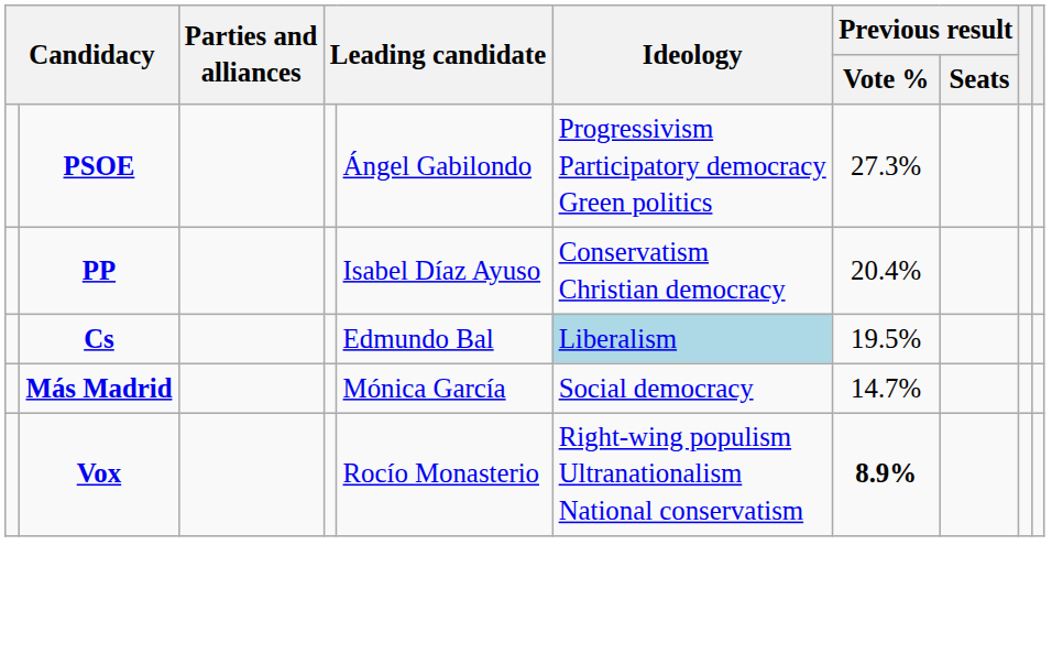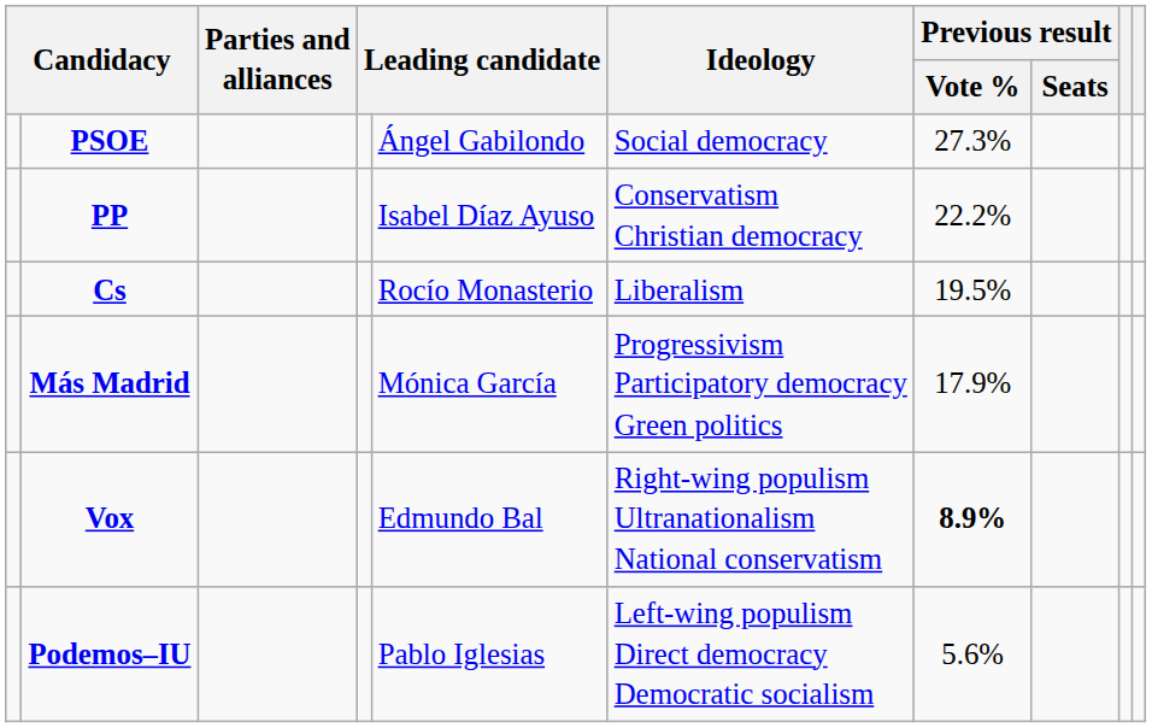 <table class="wikitable" style="line-height:1.35em; text-align:left;">
 <tr>
 <th colspan="2" rowspan="2">Candidacy</th>
 <th rowspan="2">Parties and<br>alliances</th>
 <th colspan="2" rowspan="2">Leading candidate</th>
 <th rowspan="2">Ideology</th>
 <th colspan="2">Previous result</th>
 <th rowspan="2"></th>
 <th rowspan="2"></th>
 </tr>
 <tr>
 <th>Vote %</th>
 <th>Seats</th>
 </tr>
 <tr>
 <td width="1" style="color:inherit;background:"></td>
 <td align="center"><strong><a href='#'>PSOE</a></strong></td>
 <td></td>
 <td></td>
 <td><a href='#'>Ángel Gabilondo</a></td>
-<td><a href='#'>Progressivism</a><br><a href='#'>Participatory democracy</a><br><a href='#'>Green politics</a></td>
+<td><a href='#'>Social democracy</a></td>
 <td align="center">27.3%</td>
 <td></td>
 <td></td>
 <td><br></td>
 </tr>
 <tr>
 <td style="color:inherit;background:"></td>
 <td align="center"><strong><a href='#'>PP</a></strong></td>
 <td></td>
 <td></td>
 <td><a href='#'>Isabel Díaz Ayuso</a></td>
 <td><a href='#'>Conservatism</a><br><a href='#'>Christian democracy</a></td>
-<td align="center">20.4%</td>
+<td align="center">22.2%</td>
 <td></td>
 <td></td>
 <td></td>
 </tr>
 <tr>
 <td style="color:inherit;background:"></td>
 <td align="center"><strong><a href='#'>Cs</a></strong></td>
 <td></td>
 <td></td>
-<td><a href='#'>Edmundo Bal</a></td>
-<td style="background: lightblue;"><a href='#'>Liberalism</a></td>
+<td><a href='#'>Rocío Monasterio</a></td>
+<td><a href='#'>Liberalism</a></td>
 <td align="center">19.5%</td>
 <td></td>
 <td></td>
 <td><br></td>
 </tr>
 <tr>
 <td style="color:inherit;background:"></td>
 <td align="center"><strong><a href='#'>Más Madrid</a></strong></td>
 <td></td>
 <td></td>
 <td><a href='#'>Mónica García</a></td>
-<td><a href='#'>Social democracy</a></td>
-<td align="center">14.7%</td>
+<td><a href='#'>Progressivism</a><br><a href='#'>Participatory democracy</a><br><a href='#'>Green politics</a></td>
+<td align="center">17.9%</td>
 <td></td>
 <td></td>
 <td><br></td>
 </tr>
 <tr>
 <td style="color:inherit;background:"></td>
 <td align="center"><strong><a href='#'>Vox</a></strong></td>
 <td></td>
 <td></td>
-<td><a href='#'>Rocío Monasterio</a></td>
+<td><a href='#'>Edmundo Bal</a></td>
 <td><a href='#'>Right-wing populism</a><br><a href='#'>Ultranationalism</a><br><a href='#'>National conservatism</a></td>
 <td align="center"><strong>8.9%</strong></td>
 <td></td>
 <td></td>
 <td></td>
 </tr>
+<tr>
+<td style="color:inherit;background:"></td>
+<td align="center"><strong><a href='#'>Podemos–IU</a></strong></td>
+<td></td>
+<td></td>
+<td><a href='#'>Pablo Iglesias</a></td>
+<td><a href='#'>Left-wing populism</a><br><a href='#'>Direct democracy</a><br><a href='#'>Democratic socialism</a></td>
+<td align="center">5.6%</td>
+<td></td>
+<td></td>
+<td><br><br><br></td>
+</tr>
 </table>
